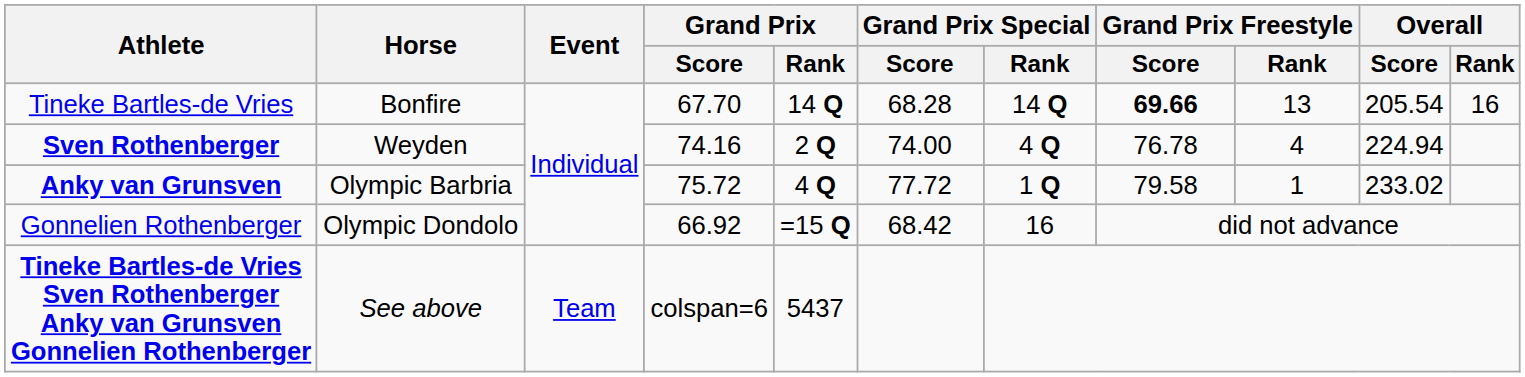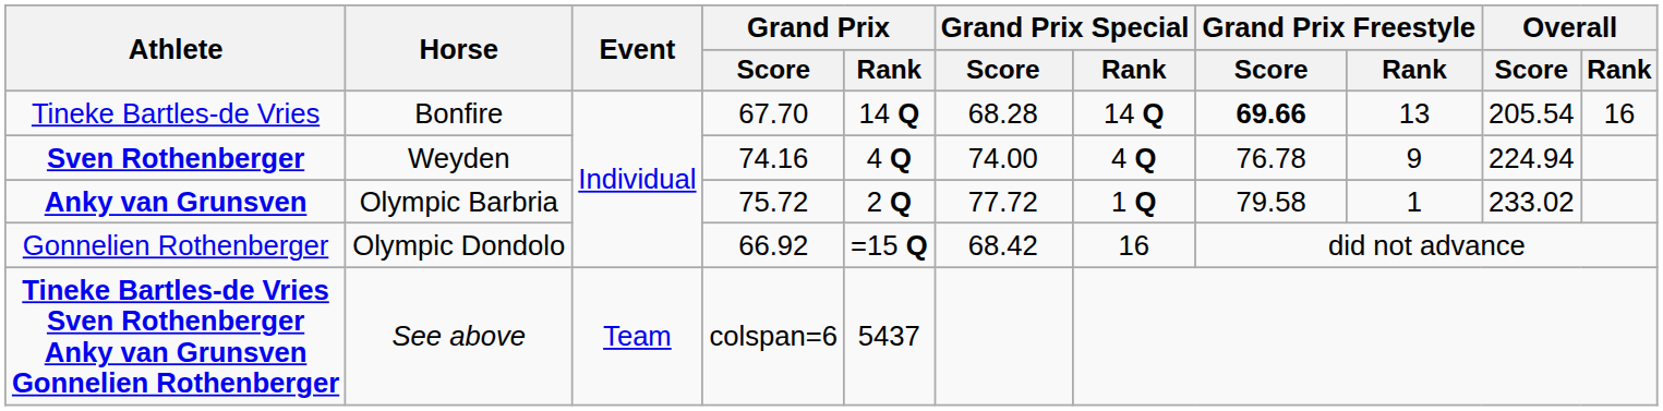 <table class=wikitable style="font-size:90%">
 <tr>
 <th rowspan="2">Athlete</th>
 <th rowspan="2">Horse</th>
 <th rowspan="2">Event</th>
 <th colspan="2">Grand Prix</th>
 <th colspan="2">Grand Prix Special</th>
 <th colspan="2">Grand Prix Freestyle</th>
 <th colspan="2">Overall</th>
 </tr>
 <tr style="font-size:95%">
 <th>Score</th>
 <th>Rank</th>
 <th>Score</th>
 <th>Rank</th>
 <th>Score</th>
 <th>Rank</th>
 <th>Score</th>
 <th>Rank</th>
 </tr>
 <tr align=center>
 <td><a href='#'>Tineke Bartles-de Vries</a></td>
 <td>Bonfire</td>
 <td align=left rowspan=4><a href='#'>Individual</a></td>
 <td>67.70</td>
 <td>14 <strong>Q</strong></td>
 <td>68.28</td>
 <td>14 <strong>Q</strong></td>
 <td><strong>69.66</strong></td>
 <td>13</td>
 <td>205.54</td>
 <td>16</td>
 </tr>
 <tr align=center>
 <td><strong><a href='#'>Sven Rothenberger</a></strong></td>
 <td>Weyden</td>
 <td>74.16</td>
-<td>2 <strong>Q</strong></td>
+<td>4 <strong>Q</strong></td>
 <td>74.00</td>
 <td>4 <strong>Q</strong></td>
 <td>76.78</td>
-<td>4</td>
+<td>9</td>
 <td>224.94</td>
 <td></td>
 </tr>
 <tr align=center>
 <td><strong><a href='#'>Anky van Grunsven</a></strong></td>
 <td>Olympic Barbria</td>
 <td>75.72</td>
-<td>4 <strong>Q</strong></td>
+<td>2 <strong>Q</strong></td>
 <td>77.72</td>
 <td>1 <strong>Q</strong></td>
 <td>79.58</td>
 <td>1</td>
 <td>233.02</td>
 <td></td>
 </tr>
 <tr align=center>
 <td><a href='#'>Gonnelien Rothenberger</a></td>
 <td>Olympic Dondolo</td>
 <td>66.92</td>
 <td>=15 <strong>Q</strong></td>
 <td>68.42</td>
 <td>16</td>
 <td colspan=4>did not advance</td>
 </tr>
 <tr align=center>
 <td><strong><a href='#'>Tineke Bartles-de Vries</a><br><a href='#'>Sven Rothenberger</a><br><a href='#'>Anky van Grunsven</a><br><a href='#'>Gonnelien Rothenberger</a></strong></td>
 <td><em>See above</em></td>
 <td rowspan=4><a href='#'>Team</a></td>
 <td>colspan=6 </td>
 <td>5437</td>
 <td></td>
 </tr>
 </table>
